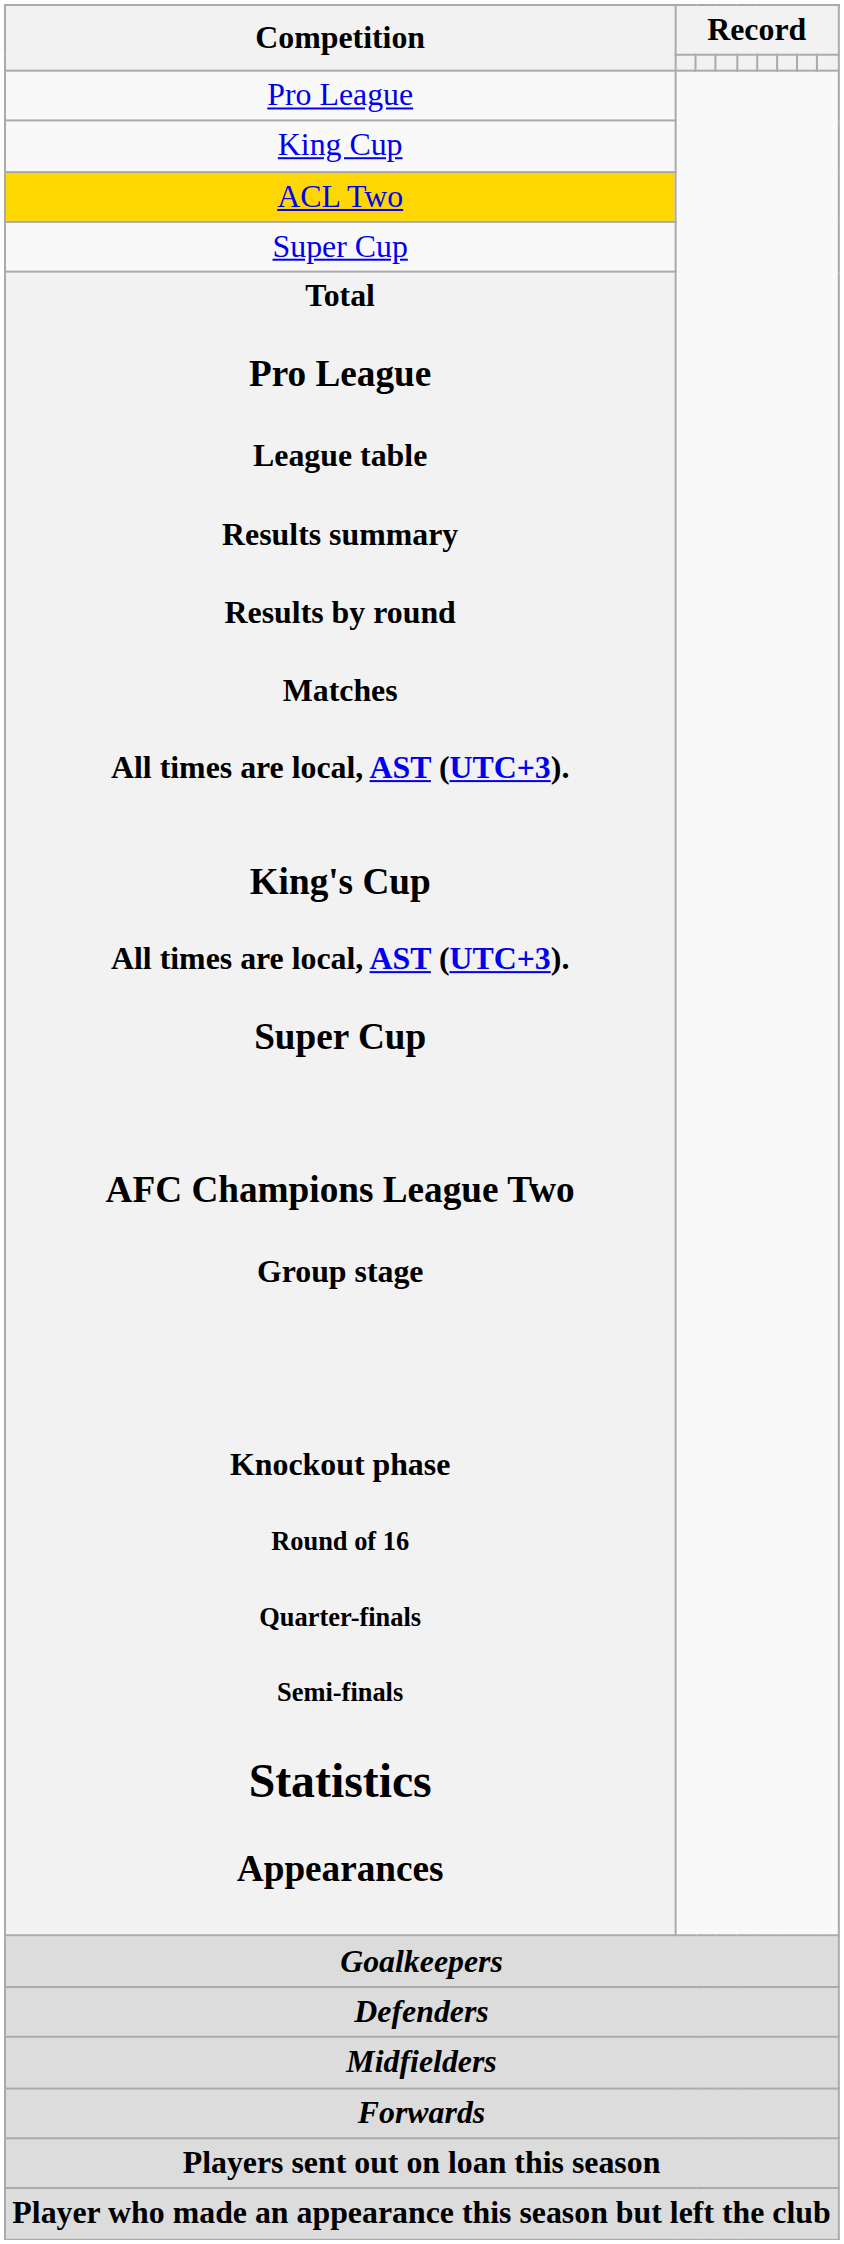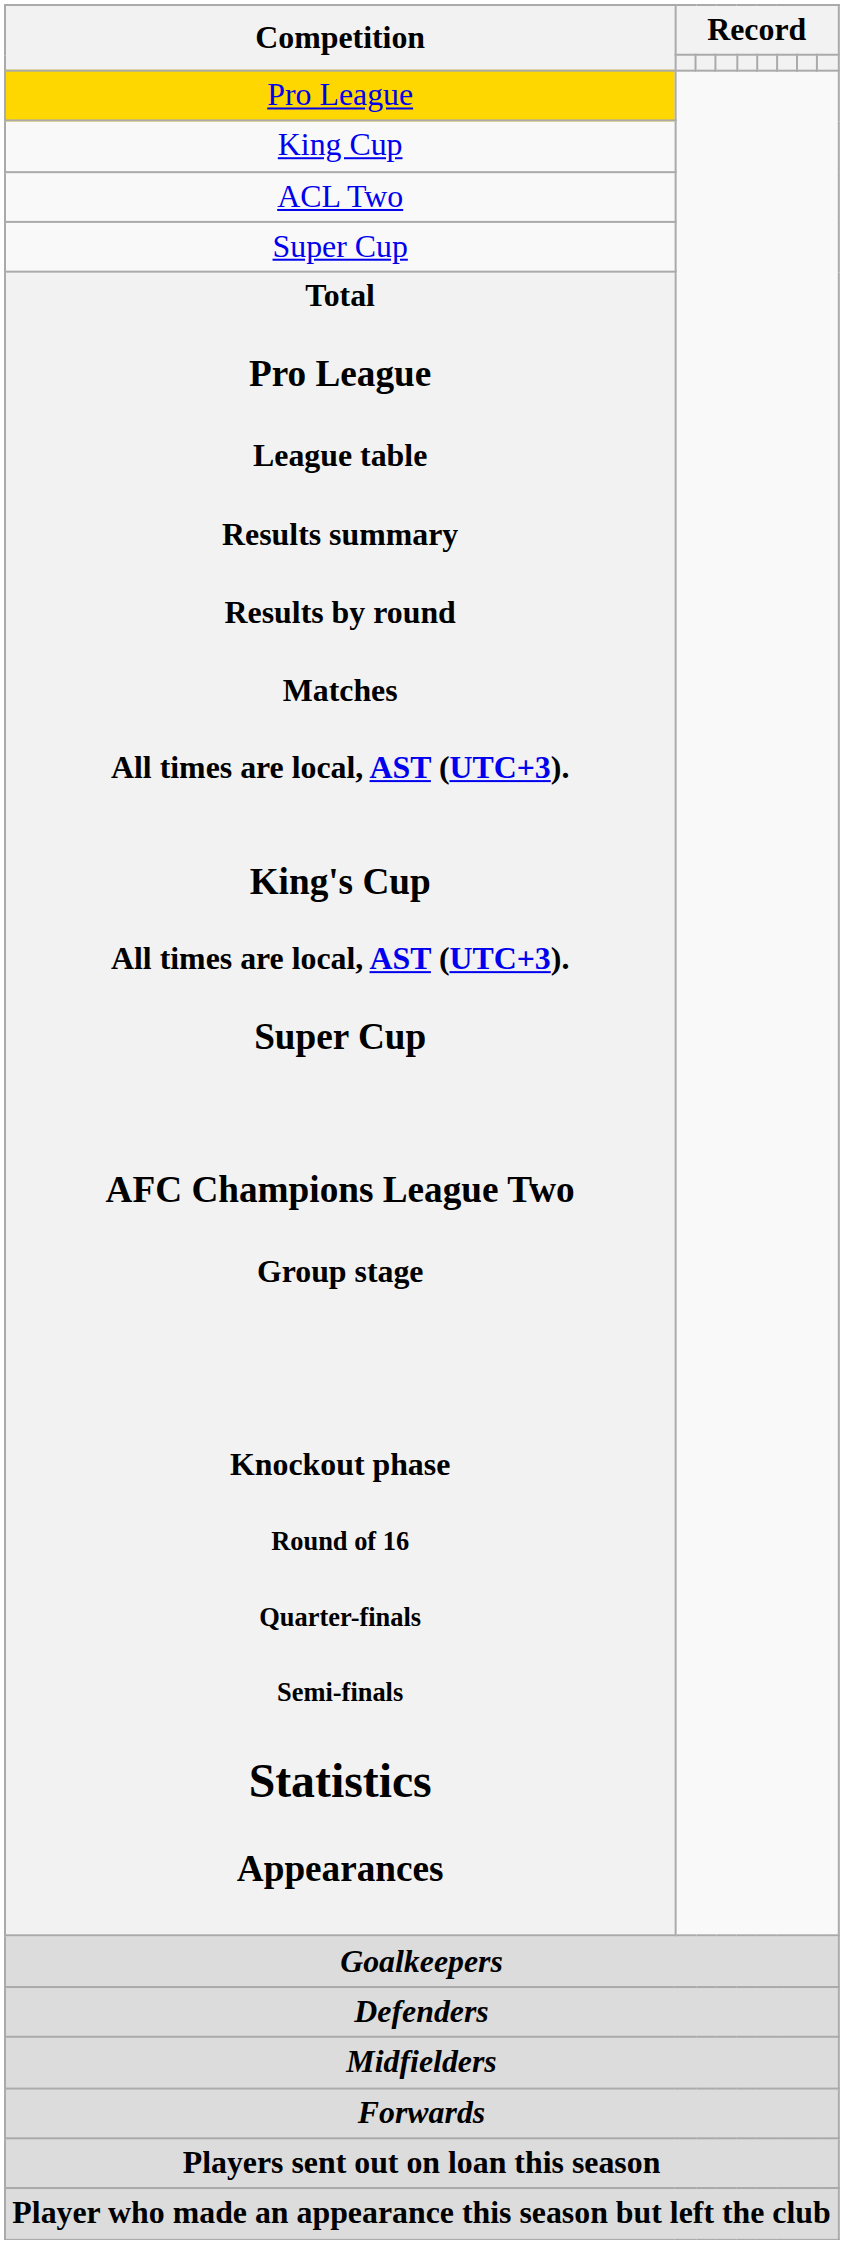 <table class="wikitable" style="text-align: center">
 <tr>
 <th rowspan=2>Competition</th>
 <th colspan=8>Record</th>
 </tr>
 <tr>
 <th></th>
 <th></th>
 <th></th>
 <th></th>
 <th></th>
 <th></th>
 <th></th>
 <th></th>
 </tr>
 <tr>
-<td><a href='#'>Pro League</a><br></td>
+<td style="background: gold;"><a href='#'>Pro League</a><br></td>
 </tr>
 <tr>
 <td><a href='#'>King Cup</a><br></td>
 </tr>
 <tr>
-<td style="background: gold;"><a href='#'>ACL Two</a><br></td>
+<td><a href='#'>ACL Two</a><br></td>
 </tr>
 <tr>
 <td><a href='#'>Super Cup</a><br></td>
 </tr>
 <tr>
 <th>Total<br> <h3>Pro League</h3><h4>League table</h4><h4>Results summary</h4> <h4>Results by round</h4><h4>Matches</h4>All times are local, <a href='#'>AST</a> (<a href='#'>UTC+3</a>).<br>   <br>                                 <h3>King's Cup</h3> All times are local, <a href='#'>AST</a> (<a href='#'>UTC+3</a>).<br>  <h3>Super Cup</h3><br><h3>AFC Champions League Two</h3><h4>Group stage</h4><br><br>     <h4>Knockout phase</h4><h5>Round of 16</h5> <h5>Quarter-finals</h5> <h5>Semi-finals</h5> <h2>Statistics</h2><h3>Appearances</h3></th>
 </tr>
 <tr>
 <th colspan=18 style=background:#dcdcdc; text-align:center><em>Goalkeepers</em><br>    </th>
 </tr>
 <tr>
 <th colspan=18 style=background:#dcdcdc; text-align:center><em>Defenders</em><br>         </th>
 </tr>
 <tr>
 <th colspan=18 style=background:#dcdcdc; text-align:center><em>Midfielders</em><br>           </th>
 </tr>
 <tr>
 <th colspan=18 style=background:#dcdcdc; text-align:center><em>Forwards</em><br>   </th>
 </tr>
 <tr>
 <th colspan=16 style=background:#dcdcdc; text-align:center>Players sent out on loan this season<br></th>
 </tr>
 <tr>
 <th colspan=20 style=background:#dcdcdc; text-align:center>Player who made an appearance this season but left the club<br> </th>
 </tr>
 </table>
